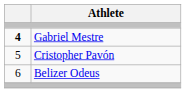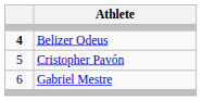 <table class="wikitable">
 <tr>
 <th width="30"></th>
 <th width="200">Athlete</th>
 </tr>
 <tr bgcolor="C0C0C0">
 <td colspan=2></td>
 </tr>
 <tr>
 <td align="center"><strong>4</strong></td>
-<td> <a href='#'>Gabriel Mestre</a></td>
+<td> <a href='#'>Belizer Odeus</a></td>
 </tr>
 <tr>
 <td align="center">5</td>
 <td> <a href='#'>Cristopher Pavón</a></td>
 </tr>
 <tr>
 <td align="center">6</td>
-<td> <a href='#'>Belizer Odeus</a></td>
+<td> <a href='#'>Gabriel Mestre</a></td>
 </tr>
 <tr bgcolor="C0C0C0">
 <td colspan=2></td>
 </tr>
 </table>
